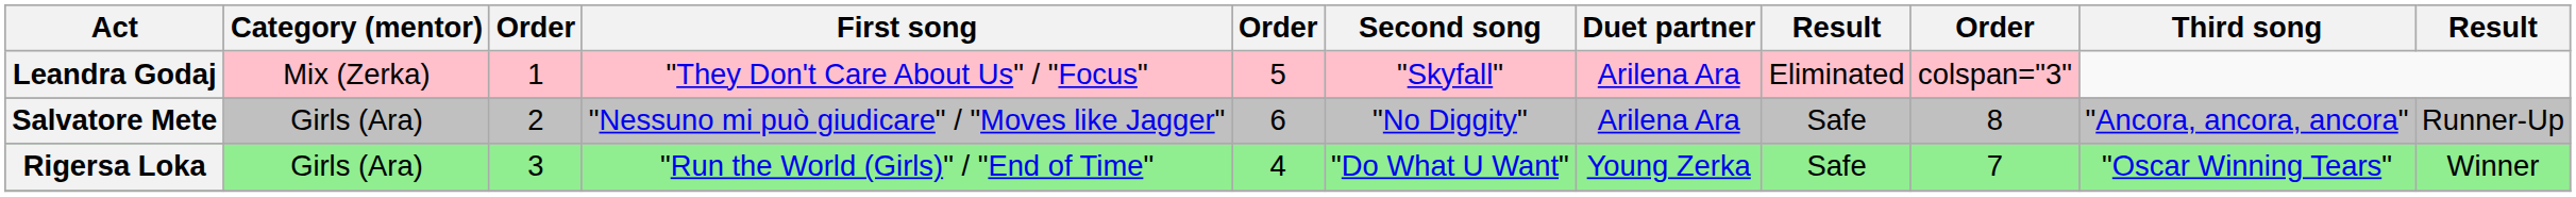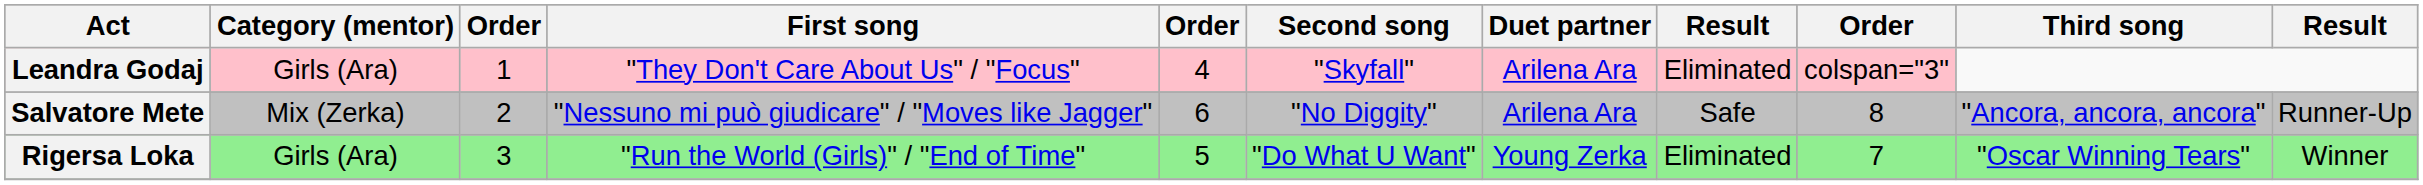 <table class="wikitable plainrowheaders" style="text-align:center;">
 <tr>
 <th scope="col">Act</th>
 <th scope="col">Category (mentor)</th>
 <th scope="col">Order</th>
 <th scope="col">First song</th>
 <th scope="col">Order</th>
 <th scope="col">Second song</th>
 <th scope="col">Duet partner</th>
 <th scope="col">Result</th>
 <th scope="col">Order</th>
 <th scope="col">Third song</th>
 <th scope="col">Result</th>
 </tr>
 <tr style="background:pink;">
 <th scope="row">Leandra Godaj</th>
-<td>Mix (Zerka)</td>
+<td>Girls (Ara)</td>
 <td>1</td>
 <td>"<a href='#'>They Don't Care About Us</a>" / "<a href='#'>Focus</a>"</td>
-<td>5</td>
+<td>4</td>
 <td>"<a href='#'>Skyfall</a>"</td>
 <td><a href='#'>Arilena Ara</a></td>
 <td>Eliminated</td>
 <td>colspan="3" </td>
 </tr>
 <tr style="background:silver;">
 <th scope="row">Salvatore Mete</th>
-<td>Girls (Ara)</td>
+<td>Mix (Zerka)</td>
 <td>2</td>
 <td>"<a href='#'>Nessuno mi può giudicare</a>" / "<a href='#'>Moves like Jagger</a>"</td>
 <td>6</td>
 <td>"<a href='#'>No Diggity</a>"</td>
 <td><a href='#'>Arilena Ara</a></td>
 <td>Safe</td>
 <td>8</td>
 <td>"<a href='#'>Ancora, ancora, ancora</a>"</td>
 <td>Runner-Up</td>
 </tr>
 <tr style="background:lightgreen;">
 <th scope="row">Rigersa Loka</th>
 <td>Girls (Ara)</td>
 <td>3</td>
 <td>"<a href='#'>Run the World (Girls)</a>" / "<a href='#'>End of Time</a>"</td>
-<td>4</td>
+<td>5</td>
 <td>"<a href='#'>Do What U Want</a>"</td>
 <td><a href='#'>Young Zerka</a></td>
-<td>Safe</td>
+<td>Eliminated</td>
 <td>7</td>
 <td>"<a href='#'>Oscar Winning Tears</a>"</td>
 <td>Winner</td>
 </tr>
 <tr>
 </tr>
 </table>
